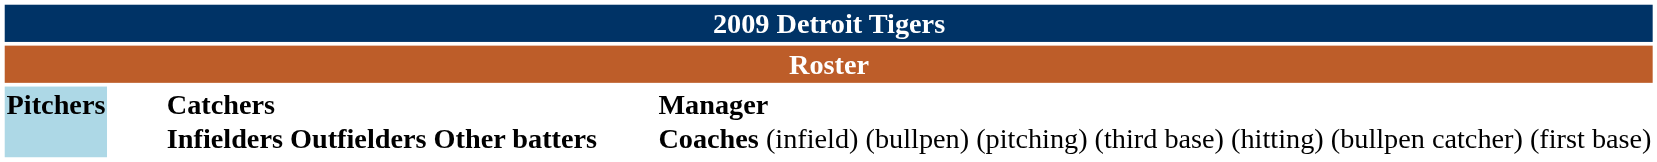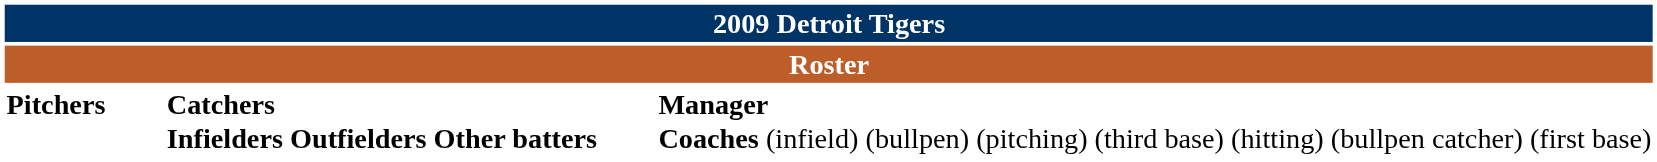 <table class="toccolours" style="font-size: 95%;">
 <tr>
 <th colspan="10" style="background-color: #003366; color: white; text-align: center;">2009 Detroit Tigers</th>
 </tr>
 <tr>
 <td colspan="10" style="background-color: #bd5d29; color: white; text-align: center;"><strong>Roster</strong></td>
 </tr>
 <tr>
-<td valign="top" style="background: lightblue;"><strong>Pitchers</strong><br>                      </td>
+<td valign="top"><strong>Pitchers</strong><br>                      </td>
 <td width="25px"></td>
 <td valign="top"><strong>Catchers</strong><br>     <strong>Infielders</strong>        <strong>Outfielders</strong>          <strong>Other batters</strong> </td>
 <td width="25px"></td>
 <td valign="top"><strong>Manager</strong><br> <strong>Coaches</strong>  (infield)  (bullpen)  (pitching)  (third base)  (hitting)  (bullpen catcher)  (first base)</td>
 </tr>
 <tr>
 </tr>
 </table>
